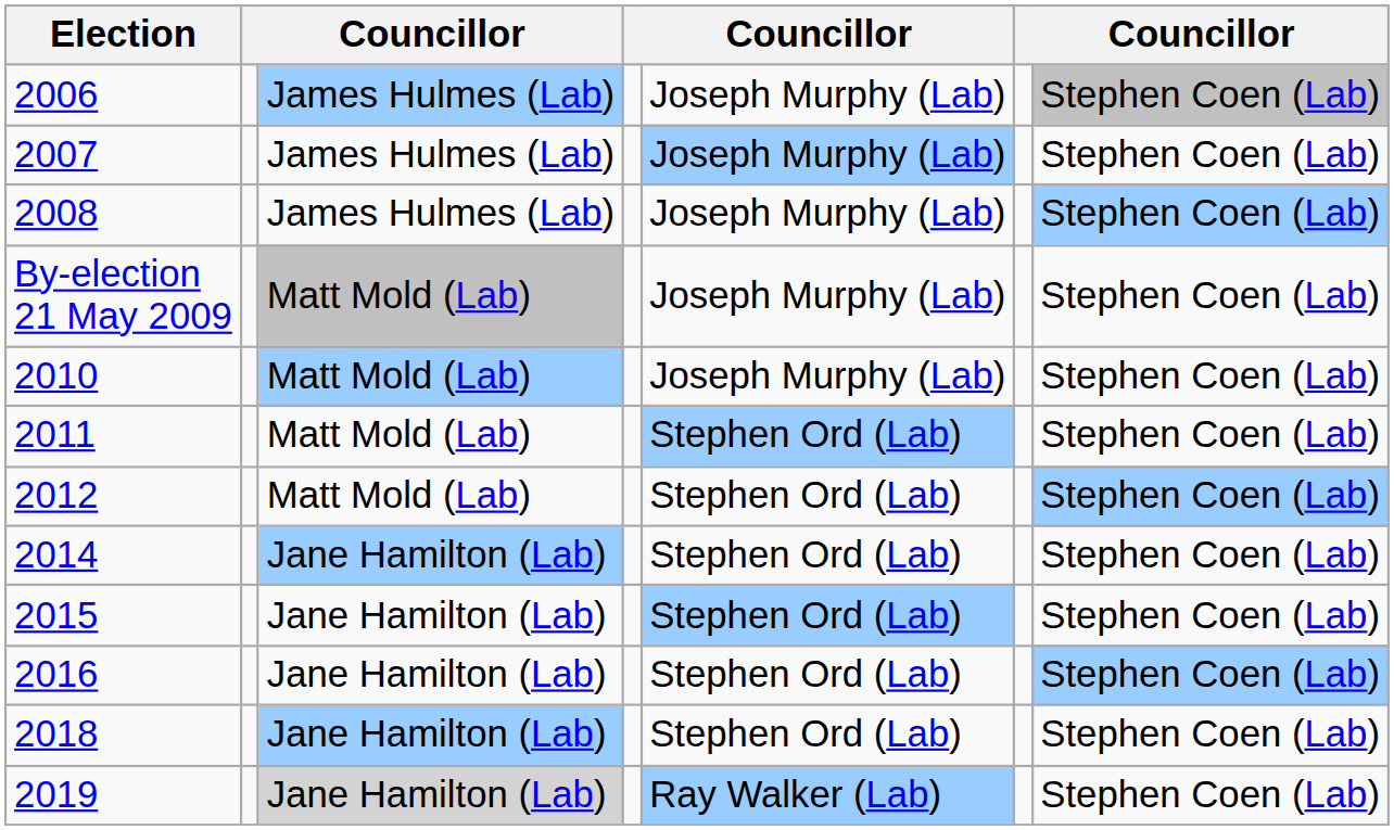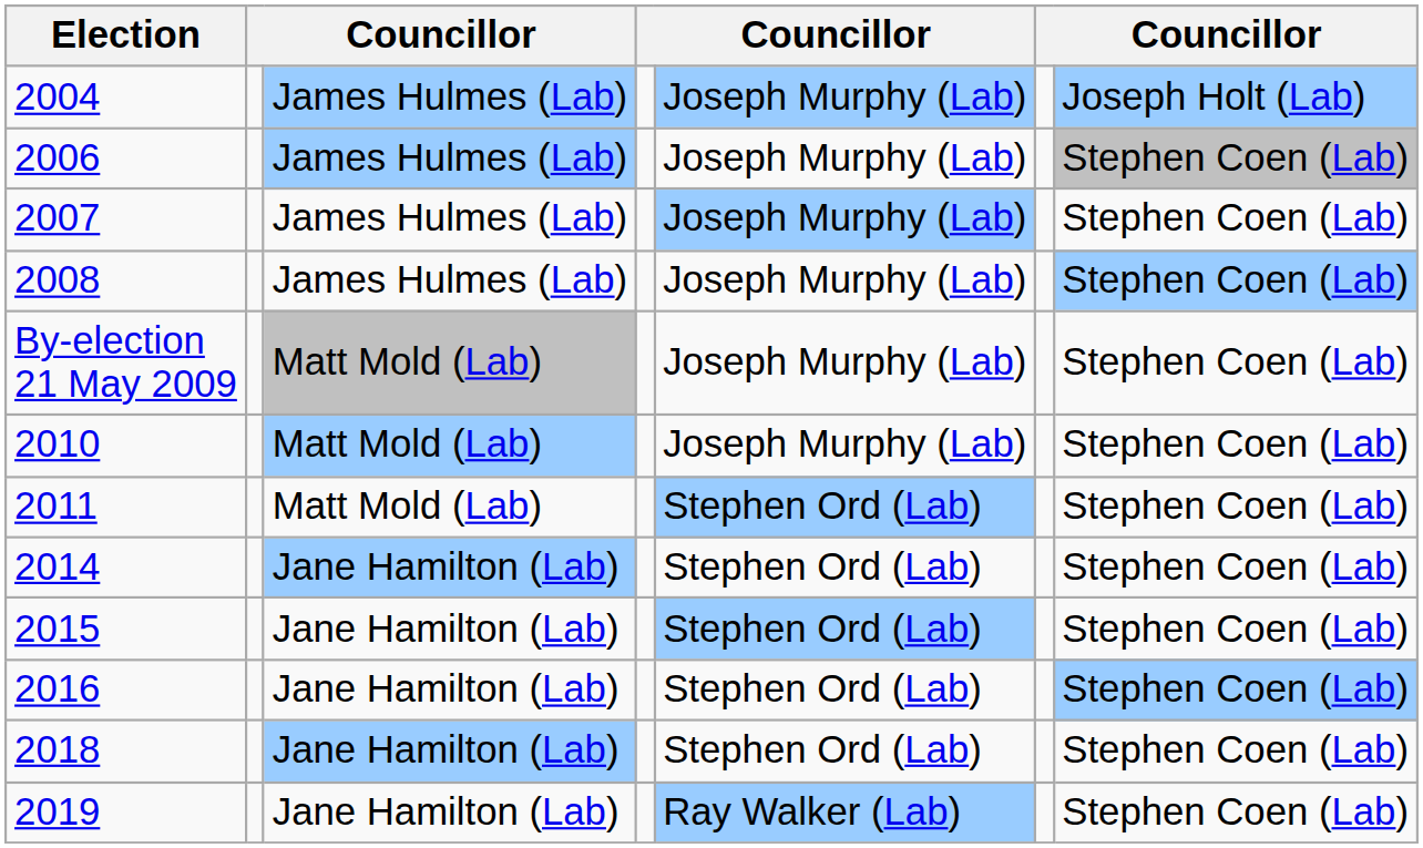 <table class="wikitable">
 <tr>
 <th>Election</th>
 <th colspan="2">Councillor</th>
 <th colspan="2">Councillor</th>
 <th colspan="2">Councillor</th>
+</tr>
+<tr>
+<td><a href='#'>2004</a></td>
+<td style="background-color: "></td>
+<td bgcolor="#99CCFF">James Hulmes (<a href='#'>Lab</a>)</td>
+<td style="background-color: "></td>
+<td bgcolor="#99CCFF">Joseph Murphy (<a href='#'>Lab</a>)</td>
+<td style="background-color: "></td>
+<td bgcolor="#99CCFF">Joseph Holt (<a href='#'>Lab</a>)</td>
 </tr>
 <tr>
 <td><a href='#'>2006</a></td>
 <td style="background-color: "></td>
 <td bgcolor="#99CCFF">James Hulmes (<a href='#'>Lab</a>)</td>
 <td style="background-color: "></td>
 <td>Joseph Murphy (<a href='#'>Lab</a>)</td>
 <td style="background-color: "></td>
 <td bgcolor="#C0C0C0">Stephen Coen (<a href='#'>Lab</a>)</td>
 </tr>
 <tr>
 <td><a href='#'>2007</a></td>
 <td style="background-color: "></td>
 <td>James Hulmes (<a href='#'>Lab</a>)</td>
 <td style="background-color: "></td>
 <td bgcolor="#99CCFF">Joseph Murphy (<a href='#'>Lab</a>)</td>
 <td style="background-color: "></td>
 <td>Stephen Coen (<a href='#'>Lab</a>)</td>
 </tr>
 <tr>
 <td><a href='#'>2008</a></td>
 <td style="background-color: "></td>
 <td>James Hulmes (<a href='#'>Lab</a>)</td>
 <td style="background-color: "></td>
 <td>Joseph Murphy (<a href='#'>Lab</a>)</td>
 <td style="background-color: "></td>
 <td bgcolor="#99CCFF">Stephen Coen (<a href='#'>Lab</a>)</td>
 </tr>
 <tr>
 <td><a href='#'>By-election<br>21 May 2009</a></td>
 <td style="background-color: "></td>
 <td bgcolor="#C0C0C0">Matt Mold (<a href='#'>Lab</a>)</td>
 <td style="background-color: "></td>
 <td>Joseph Murphy (<a href='#'>Lab</a>)</td>
 <td style="background-color: "></td>
 <td>Stephen Coen (<a href='#'>Lab</a>)</td>
 </tr>
 <tr>
 <td><a href='#'>2010</a></td>
 <td style="background-color: "></td>
 <td bgcolor="#99CCFF">Matt Mold (<a href='#'>Lab</a>)</td>
 <td style="background-color: "></td>
 <td>Joseph Murphy (<a href='#'>Lab</a>)</td>
 <td style="background-color: "></td>
 <td>Stephen Coen (<a href='#'>Lab</a>)</td>
 </tr>
 <tr>
 <td><a href='#'>2011</a></td>
 <td style="background-color: "></td>
 <td>Matt Mold (<a href='#'>Lab</a>)</td>
 <td style="background-color: "></td>
 <td bgcolor="#99CCFF">Stephen Ord (<a href='#'>Lab</a>)</td>
 <td style="background-color: "></td>
 <td>Stephen Coen (<a href='#'>Lab</a>)</td>
 </tr>
 <tr>
-<td><a href='#'>2012</a></td>
-<td style="background-color: "></td>
-<td>Matt Mold (<a href='#'>Lab</a>)</td>
-<td style="background-color: "></td>
-<td>Stephen Ord (<a href='#'>Lab</a>)</td>
-<td style="background-color: "></td>
-<td bgcolor="#99CCFF">Stephen Coen (<a href='#'>Lab</a>)</td>
-</tr>
-<tr>
 <td><a href='#'>2014</a></td>
 <td style="background-color: "></td>
 <td bgcolor="#99CCFF">Jane Hamilton (<a href='#'>Lab</a>)</td>
 <td style="background-color: "></td>
 <td>Stephen Ord (<a href='#'>Lab</a>)</td>
 <td style="background-color: "></td>
 <td>Stephen Coen (<a href='#'>Lab</a>)</td>
 </tr>
 <tr>
 <td><a href='#'>2015</a></td>
 <td style="background-color: "></td>
 <td>Jane Hamilton (<a href='#'>Lab</a>)</td>
 <td style="background-color: "></td>
 <td bgcolor="#99CCFF">Stephen Ord (<a href='#'>Lab</a>)</td>
 <td style="background-color: "></td>
 <td>Stephen Coen (<a href='#'>Lab</a>)</td>
 </tr>
 <tr>
 <td><a href='#'>2016</a></td>
 <td style="background-color: "></td>
 <td>Jane Hamilton (<a href='#'>Lab</a>)</td>
 <td style="background-color: "></td>
 <td>Stephen Ord (<a href='#'>Lab</a>)</td>
 <td style="background-color: "></td>
 <td bgcolor="#99CCFF">Stephen Coen (<a href='#'>Lab</a>)</td>
 </tr>
 <tr>
 <td><a href='#'>2018</a></td>
 <td style="background-color: "></td>
 <td bgcolor="#99CCFF">Jane Hamilton (<a href='#'>Lab</a>)</td>
 <td style="background-color: "></td>
 <td>Stephen Ord (<a href='#'>Lab</a>)</td>
 <td style="background-color: "></td>
 <td>Stephen Coen (<a href='#'>Lab</a>)</td>
 </tr>
 <tr>
 <td><a href='#'>2019</a></td>
 <td style="background-color: "></td>
-<td style="background: lightgrey;">Jane Hamilton (<a href='#'>Lab</a>)</td>
+<td>Jane Hamilton (<a href='#'>Lab</a>)</td>
 <td style="background-color: "></td>
 <td bgcolor="#99CCFF">Ray Walker (<a href='#'>Lab</a>)</td>
 <td style="background-color: "></td>
 <td>Stephen Coen (<a href='#'>Lab</a>)</td>
 </tr>
 </table>
